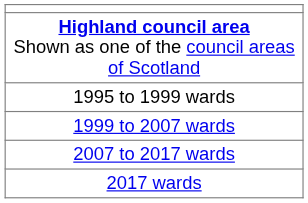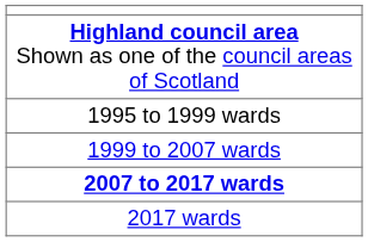 <table class="toccolours" style="border-collapse: collapse; float: right; margin: 0 0 1em 1em;" border="1" cellpadding="3" cellspacing="0" width="260">
 <tr>
 <td align="center"></td>
 </tr>
 <tr>
 <td align="center"><strong><a href='#'>Highland council area</a></strong> <br> Shown as one of the <a href='#'>council areas of Scotland</a></td>
 </tr>
 <tr>
 <td align="center">1995 to 1999 wards</td>
 </tr>
 <tr>
 <td align="center"><a href='#'>1999 to 2007 wards</a></td>
 </tr>
 <tr>
-<td align="center"><a href='#'>2007 to 2017 wards</a></td>
+<td align="center"><strong><a href='#'>2007 to 2017 wards</a></strong></td>
 </tr>
 <tr>
 <td align="center"><a href='#'>2017 wards</a></td>
 </tr>
 </table>
